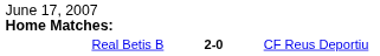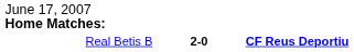 <table width=100% cellspacing=1>
 <tr>
 <th width=20%></th>
 <th width=12%></th>
 <th width=20%></th>
 <th></th>
 </tr>
 <tr>
 <td>June 17, 2007<br><strong>Home Matches:</strong></td>
 </tr>
 <tr style=font-size:90%>
 <td align=right><a href='#'>Real Betis B</a></td>
 <td align=center><strong>2-0</strong></td>
-<td><a href='#'>CF Reus Deportiu</a></td>
+<td><strong><a href='#'>CF Reus Deportiu</a></strong></td>
 </tr>
 </table>
